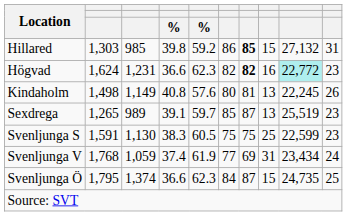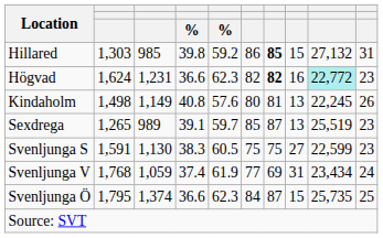 <table role="presentation" class="wikitable sortable mw-collapsible">
 <tr>
 <th rowspan="3">Location</th>
 <th></th>
 <th></th>
 <th></th>
 <th></th>
 <th></th>
 <th></th>
 <th></th>
 <th></th>
 <th></th>
 </tr>
 <tr>
 <th></th>
 <th></th>
 <th style="background:"></th>
 <th style="background:"></th>
 <th></th>
 <th></th>
 <th></th>
 <th></th>
 <th></th>
 </tr>
 <tr>
 <th data-sort-type="number"></th>
 <th data-sort-type="number"></th>
 <th data-sort-type="number">%</th>
 <th data-sort-type="number">%</th>
 <th data-sort-type="number"></th>
 <th data-sort-type="number"></th>
 <th data-sort-type="number"></th>
 <th data-sort-type="number"></th>
 <th data-sort-type="number"></th>
 </tr>
 <tr>
 <td align="left">Hillared</td>
 <td>1,303</td>
 <td>985</td>
 <td>39.8</td>
 <td>59.2</td>
 <td>86</td>
 <td><strong>85</strong></td>
 <td>15</td>
 <td>27,132</td>
 <td>31</td>
 </tr>
 <tr>
 <td align="left">Högvad</td>
 <td>1,624</td>
 <td>1,231</td>
 <td>36.6</td>
 <td>62.3</td>
 <td>82</td>
 <td><strong>82</strong></td>
 <td>16</td>
 <td style="background: paleturquoise;">22,772</td>
 <td>23</td>
 </tr>
 <tr>
 <td align="left">Kindaholm</td>
 <td>1,498</td>
 <td>1,149</td>
 <td>40.8</td>
 <td>57.6</td>
 <td>80</td>
 <td>81</td>
 <td>13</td>
 <td>22,245</td>
 <td>26</td>
 </tr>
 <tr>
 <td align="left">Sexdrega</td>
 <td>1,265</td>
 <td>989</td>
 <td>39.1</td>
 <td>59.7</td>
 <td>85</td>
 <td>87</td>
 <td>13</td>
 <td>25,519</td>
 <td>23</td>
 </tr>
 <tr>
 <td align="left">Svenljunga S</td>
 <td>1,591</td>
 <td>1,130</td>
 <td>38.3</td>
 <td>60.5</td>
 <td>75</td>
 <td>75</td>
-<td>25</td>
+<td>27</td>
 <td>22,599</td>
 <td>23</td>
 </tr>
 <tr>
 <td align="left">Svenljunga V</td>
 <td>1,768</td>
 <td>1,059</td>
 <td>37.4</td>
 <td>61.9</td>
 <td>77</td>
 <td>69</td>
 <td>31</td>
 <td>23,434</td>
 <td>24</td>
 </tr>
 <tr>
 <td align="left">Svenljunga Ö</td>
 <td>1,795</td>
 <td>1,374</td>
 <td>36.6</td>
 <td>62.3</td>
 <td>84</td>
 <td>87</td>
 <td>15</td>
-<td>24,735</td>
+<td>25,735</td>
 <td>25</td>
 </tr>
 <tr>
 <td colspan="10" align="left">Source: <a href='#'>SVT</a></td>
 </tr>
 </table>
